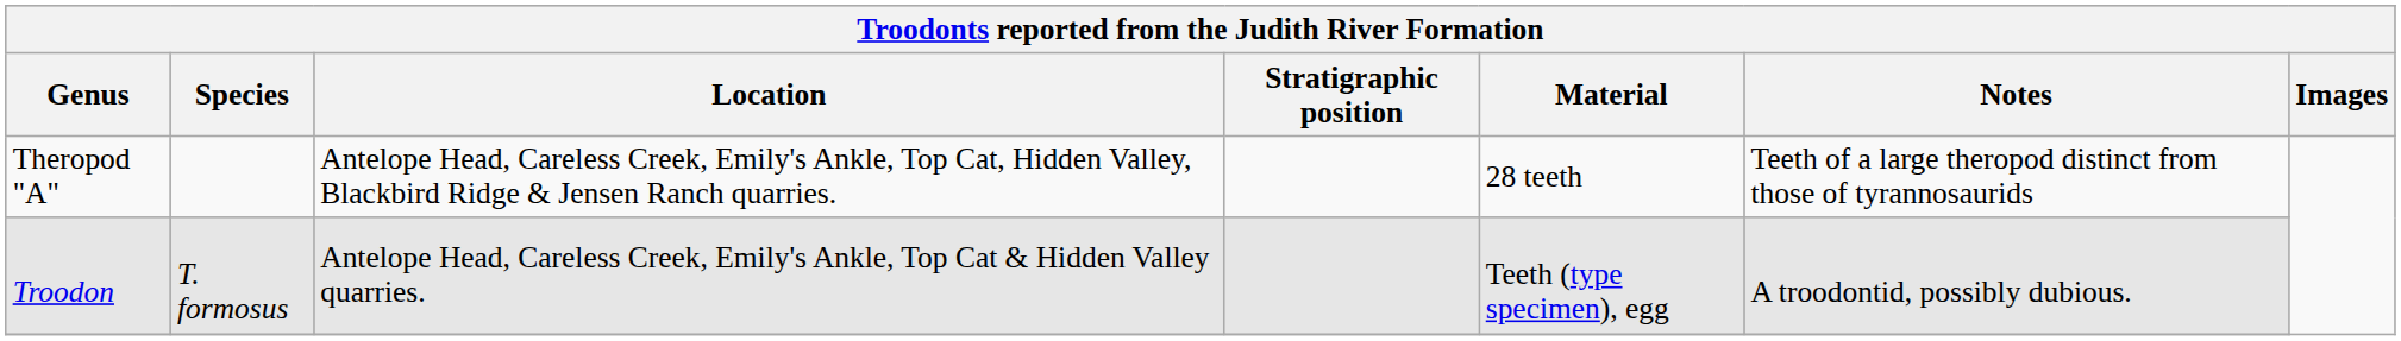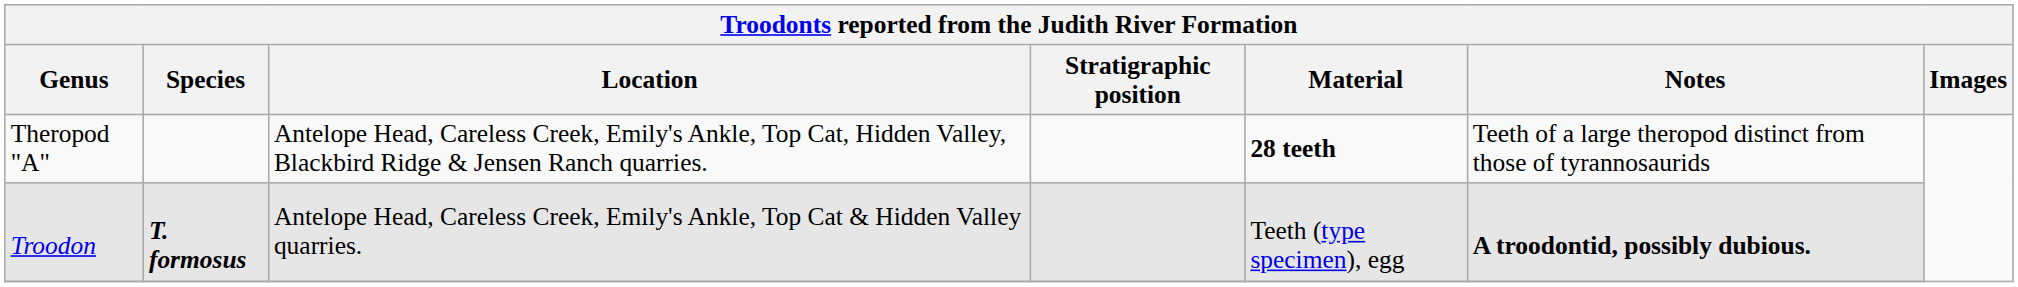 <table class="wikitable" align="center" width="100%">
 <tr>
 <th colspan="8" align="center"><strong><a href='#'>Troodonts</a> reported from the Judith River Formation</strong></th>
 </tr>
 <tr>
 <th>Genus</th>
 <th>Species</th>
 <th>Location</th>
 <th>Stratigraphic position</th>
 <th>Material</th>
 <th>Notes</th>
 <th>Images</th>
 </tr>
 <tr>
 <td>Theropod "A"</td>
 <td></td>
 <td>Antelope Head, Careless Creek, Emily's Ankle, Top Cat, Hidden Valley, Blackbird Ridge & Jensen Ranch quarries.</td>
 <td></td>
-<td>28 teeth</td>
+<td><strong>28 teeth</strong></td>
 <td>Teeth of a large theropod distinct from those of tyrannosaurids</td>
 <td rowspan = 100></td>
 </tr>
 <tr>
 <td style="background:#E6E6E6;"><br><em><a href='#'>Troodon</a></em></td>
-<td style="background:#E6E6E6;"><br><em>T. formosus</em></td>
+<td style="background:#E6E6E6;"><strong><br><em>T. formosus</em></strong></td>
 <td style="background:#E6E6E6;">Antelope Head, Careless Creek, Emily's Ankle, Top Cat & Hidden Valley quarries.</td>
 <td style="background:#E6E6E6;"></td>
 <td style="background:#E6E6E6;"><br>Teeth (<a href='#'>type specimen</a>), egg</td>
-<td style="background:#E6E6E6;"><br>A troodontid, possibly dubious.</td>
+<td style="background:#E6E6E6;"><strong><br>A troodontid, possibly dubious.</strong></td>
 </tr>
 <tr>
 </tr>
 </table>
